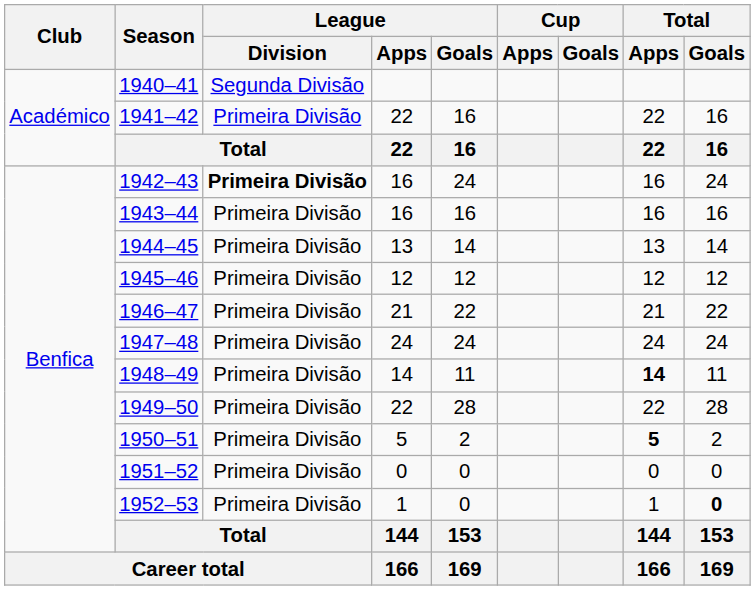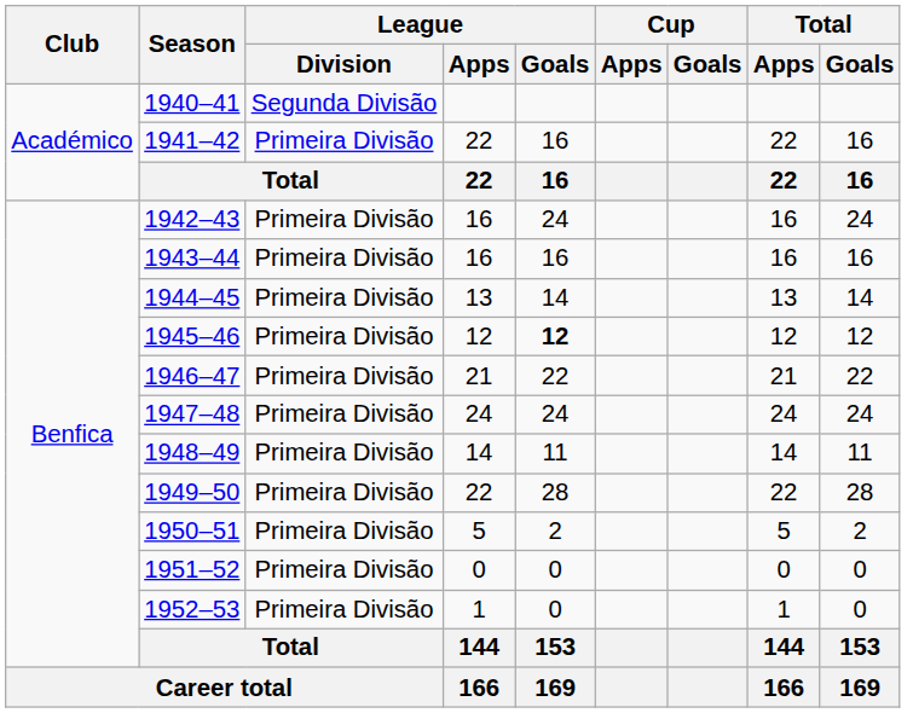 <table class=wikitable style=text-align:center>
 <tr>
 <th rowspan=2>Club</th>
 <th rowspan=2>Season</th>
 <th colspan=3>League</th>
 <th colspan=2>Cup</th>
 <th colspan=2>Total</th>
 </tr>
 <tr>
 <th>Division</th>
 <th>Apps</th>
 <th>Goals</th>
 <th>Apps</th>
 <th>Goals</th>
 <th>Apps</th>
 <th>Goals</th>
 </tr>
 <tr>
 <td rowspan=3><a href='#'>Académico</a></td>
 <td><a href='#'>1940–41</a></td>
 <td><a href='#'>Segunda Divisão</a></td>
 <td></td>
 <td></td>
 <td></td>
 <td></td>
 <td></td>
 <td></td>
 </tr>
 <tr>
 <td><a href='#'>1941–42</a></td>
 <td><a href='#'>Primeira Divisão</a></td>
 <td>22</td>
 <td>16</td>
 <td></td>
 <td></td>
 <td>22</td>
 <td>16</td>
 </tr>
 <tr>
 <th colspan="2">Total</th>
 <th>22</th>
 <th>16</th>
 <th></th>
 <th></th>
 <th>22</th>
 <th>16</th>
 </tr>
 <tr>
 <td rowspan=12><a href='#'>Benfica</a></td>
 <td><a href='#'>1942–43</a></td>
-<td><strong>Primeira Divisão</strong></td>
+<td>Primeira Divisão</td>
 <td>16</td>
 <td>24</td>
 <td></td>
 <td></td>
 <td>16</td>
 <td>24</td>
 </tr>
 <tr>
 <td><a href='#'>1943–44</a></td>
 <td>Primeira Divisão</td>
 <td>16</td>
 <td>16</td>
 <td></td>
 <td></td>
 <td>16</td>
 <td>16</td>
 </tr>
 <tr>
 <td><a href='#'>1944–45</a></td>
 <td>Primeira Divisão</td>
 <td>13</td>
 <td>14</td>
 <td></td>
 <td></td>
 <td>13</td>
 <td>14</td>
 </tr>
 <tr>
 <td><a href='#'>1945–46</a></td>
 <td>Primeira Divisão</td>
 <td>12</td>
-<td>12</td>
+<td><strong>12</strong></td>
 <td></td>
 <td></td>
 <td>12</td>
 <td>12</td>
 </tr>
 <tr>
 <td><a href='#'>1946–47</a></td>
 <td>Primeira Divisão</td>
 <td>21</td>
 <td>22</td>
 <td></td>
 <td></td>
 <td>21</td>
 <td>22</td>
 </tr>
 <tr>
 <td><a href='#'>1947–48</a></td>
 <td>Primeira Divisão</td>
 <td>24</td>
 <td>24</td>
 <td></td>
 <td></td>
 <td>24</td>
 <td>24</td>
 </tr>
 <tr>
 <td><a href='#'>1948–49</a></td>
 <td>Primeira Divisão</td>
 <td>14</td>
 <td>11</td>
 <td></td>
 <td></td>
-<td><strong>14</strong></td>
+<td>14</td>
 <td>11</td>
 </tr>
 <tr>
 <td><a href='#'>1949–50</a></td>
 <td>Primeira Divisão</td>
 <td>22</td>
 <td>28</td>
 <td></td>
 <td></td>
 <td>22</td>
 <td>28</td>
 </tr>
 <tr>
 <td><a href='#'>1950–51</a></td>
 <td>Primeira Divisão</td>
 <td>5</td>
 <td>2</td>
 <td></td>
 <td></td>
-<td><strong>5</strong></td>
+<td>5</td>
 <td>2</td>
 </tr>
 <tr>
 <td><a href='#'>1951–52</a></td>
 <td>Primeira Divisão</td>
 <td>0</td>
 <td>0</td>
 <td></td>
 <td></td>
 <td>0</td>
 <td>0</td>
 </tr>
 <tr>
 <td><a href='#'>1952–53</a></td>
 <td>Primeira Divisão</td>
 <td>1</td>
 <td>0</td>
 <td></td>
 <td></td>
 <td>1</td>
-<td><strong>0</strong></td>
+<td>0</td>
 </tr>
 <tr>
 <th colspan="2">Total</th>
 <th>144</th>
 <th>153</th>
 <th></th>
 <th></th>
 <th>144</th>
 <th>153</th>
 </tr>
 <tr>
 <th colspan=3>Career total</th>
 <th>166</th>
 <th>169</th>
 <th></th>
 <th></th>
 <th>166</th>
 <th>169</th>
 </tr>
 </table>
